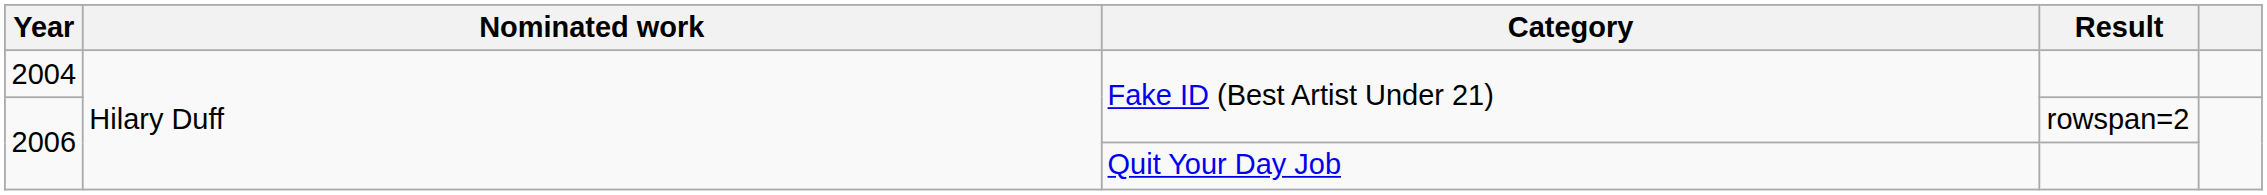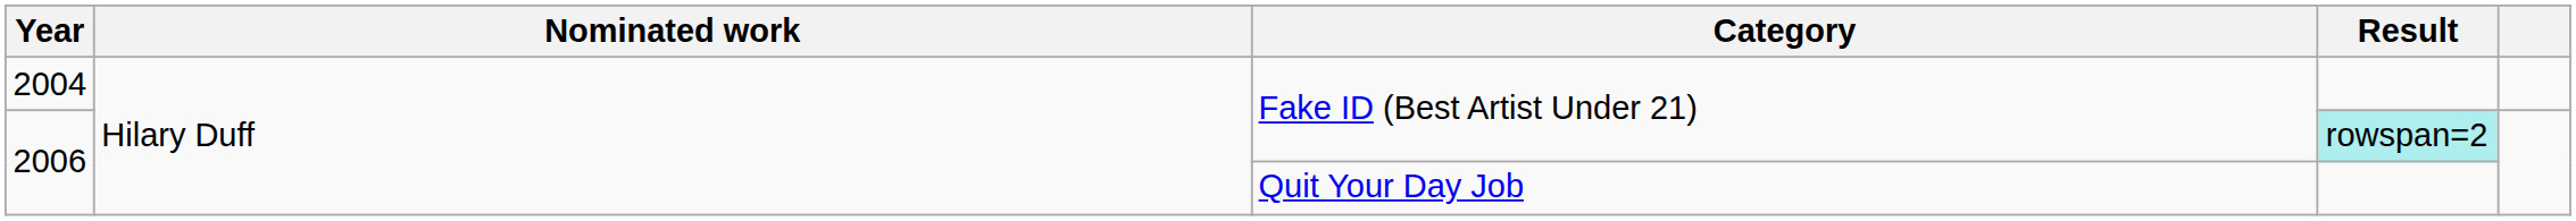 <table class="wikitable sortable">
 <tr>
 <th scope="col" style="width:1em;">Year</th>
 <th scope="col" style="width:39em;">Nominated work</th>
 <th scope="col" style="width:36em;">Category</th>
 <th scope="col" style="width:5em;">Result</th>
 <th scope="col" style="width:2em;" class="unsortable"></th>
 </tr>
 <tr>
 <td>2004</td>
 <td rowspan=4>Hilary Duff</td>
 <td rowspan=2><a href='#'>Fake ID</a> (Best Artist Under 21)</td>
 <td></td>
 <td style="text-align:center;"></td>
 </tr>
 <tr>
 <td rowspan=2>2006</td>
-<td>rowspan=2 </td>
+<td style="background: paleturquoise;">rowspan=2 </td>
 <td style="text-align:center;" rowspan=2></td>
 </tr>
 <tr>
 <td><a href='#'>Quit Your Day Job</a></td>
 </tr>
 </table>
